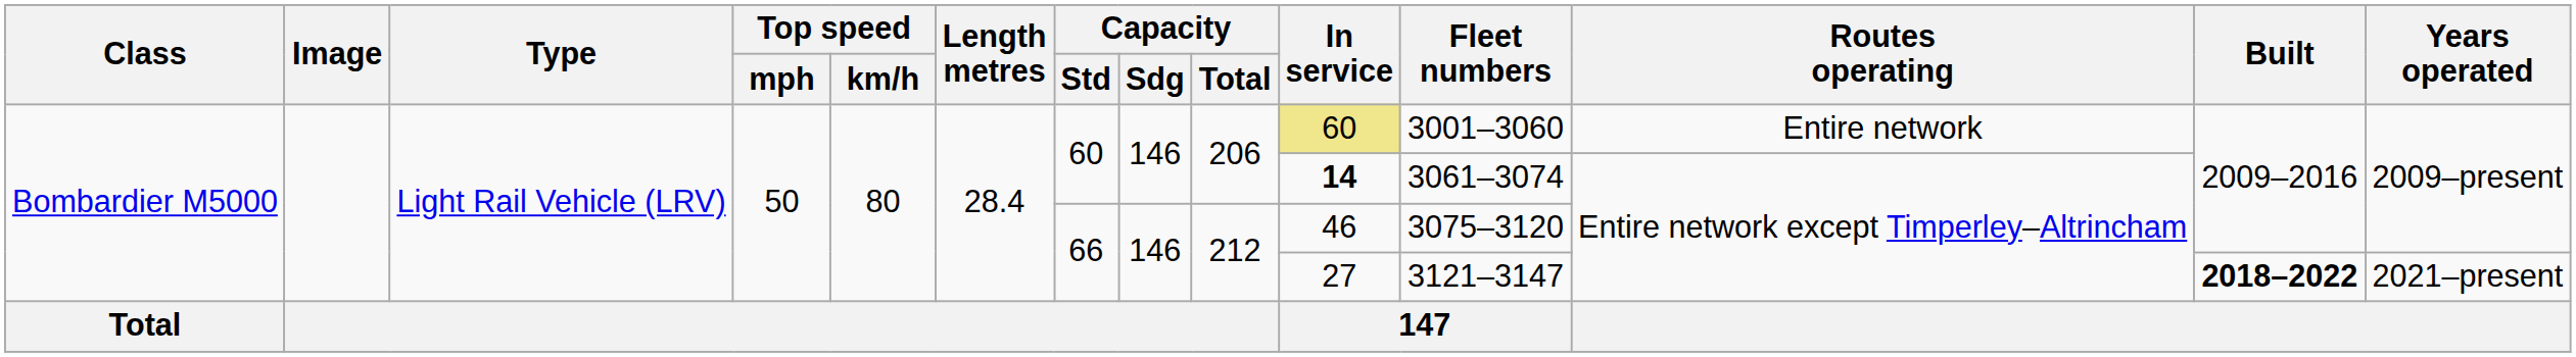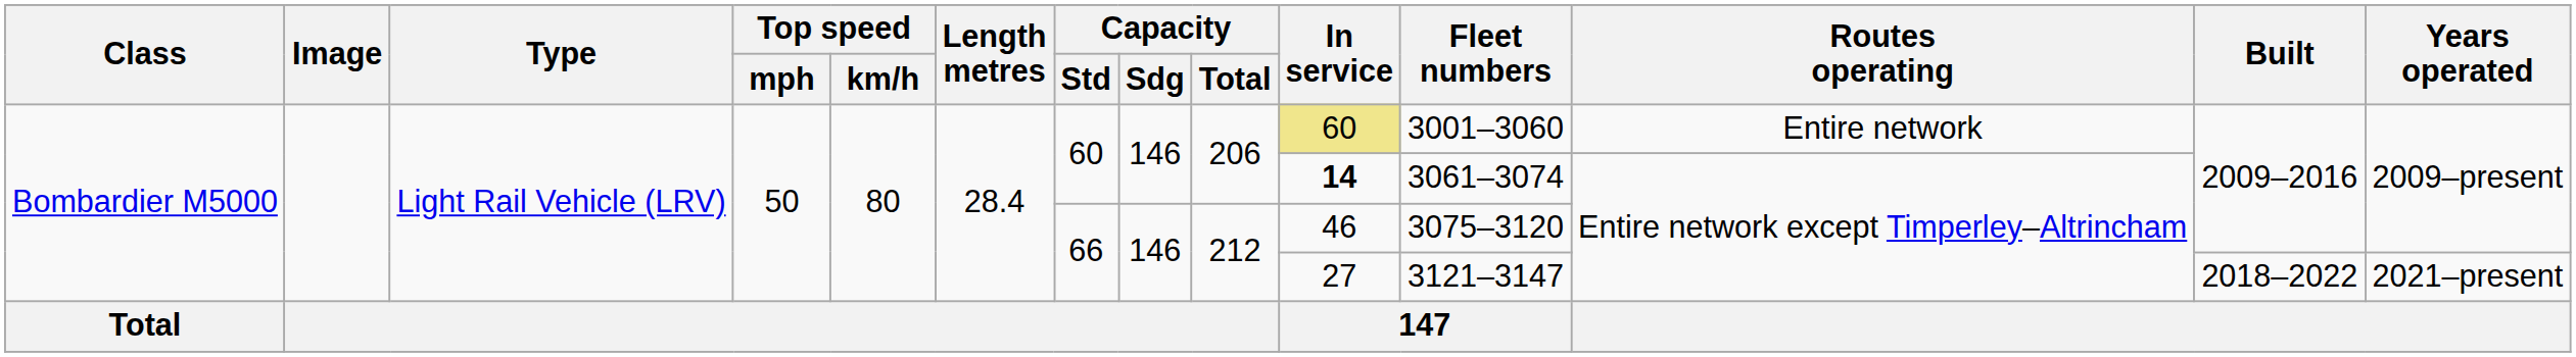 <table class="wikitable" style="text-align:center;">
 <tr ---- bgcolor=#f9f9f9>
 <th rowspan="2">Class</th>
 <th rowspan="2">Image</th>
 <th rowspan="2">Type</th>
 <th colspan="2">Top speed</th>
 <th rowspan="2">Length<br>metres</th>
 <th colspan="3"> Capacity </th>
 <th rowspan="2">In<br>service</th>
 <th rowspan="2">Fleet<br>numbers</th>
 <th rowspan="2">Routes<br>operating</th>
 <th rowspan="2">Built</th>
 <th rowspan="2">Years<br>operated</th>
 </tr>
 <tr style="background:#f9f9f9;">
 <th> mph </th>
 <th> km/h </th>
 <th><abbr>Std</abbr></th>
 <th><abbr>Sdg</abbr></th>
 <th>Total</th>
 </tr>
 <tr>
 <td rowspan="4"><a href='#'>Bombardier M5000</a></td>
 <td rowspan="4"></td>
 <td rowspan="4"><a href='#'>Light Rail Vehicle (LRV)</a></td>
 <td rowspan="4">50</td>
 <td rowspan="4">80</td>
 <td rowspan="4">28.4</td>
 <td rowspan="2">60</td>
 <td rowspan="2">146</td>
 <td rowspan="2">206</td>
 <td style="background: khaki;">60</td>
 <td>3001–3060</td>
 <td>Entire network</td>
 <td rowspan="3">2009–2016</td>
 <td rowspan="3">2009–present</td>
 </tr>
 <tr>
 <td><strong>14</strong></td>
 <td>3061–3074</td>
 <td rowspan="3">Entire network except <a href='#'>Timperley</a>–<a href='#'>Altrincham</a></td>
 </tr>
 <tr>
 <td rowspan="2">66</td>
 <td rowspan="2">146</td>
 <td rowspan="2">212</td>
 <td>46</td>
 <td>3075–3120</td>
 </tr>
 <tr>
 <td>27</td>
 <td>3121–3147</td>
-<td><strong>2018–2022</strong></td>
+<td>2018–2022</td>
 <td>2021–present</td>
 </tr>
 <tr>
 <th>Total</th>
 <th colspan="8"></th>
 <th colspan="2">147</th>
 <th colspan="3"></th>
 </tr>
 </table>
